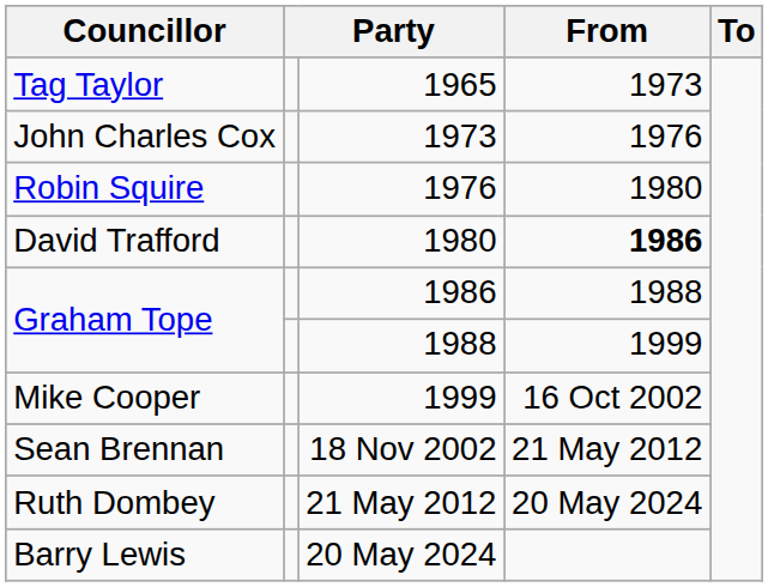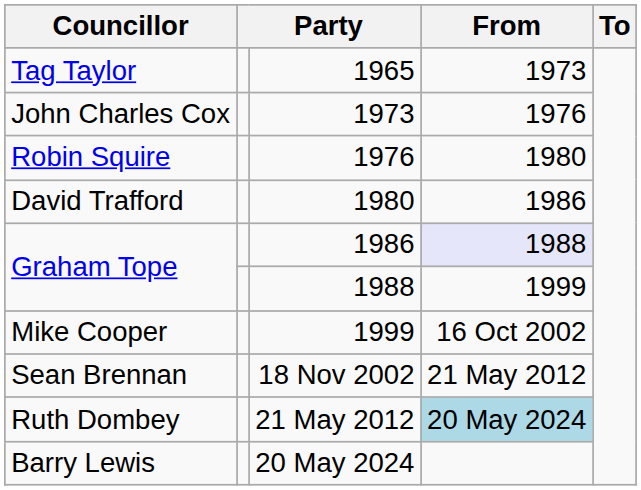 <table class=wikitable>
 <tr>
 <th>Councillor</th>
 <th colspan=2>Party</th>
 <th>From</th>
 <th>To</th>
 </tr>
 <tr>
 <td><a href='#'>Tag Taylor</a></td>
 <td></td>
 <td align=right>1965</td>
 <td align=right>1973</td>
 </tr>
 <tr>
 <td>John Charles Cox</td>
 <td></td>
 <td align=right>1973</td>
 <td align=right>1976</td>
 </tr>
 <tr>
 <td><a href='#'>Robin Squire</a></td>
 <td></td>
 <td align=right>1976</td>
 <td align=right>1980</td>
 </tr>
 <tr>
 <td>David Trafford</td>
 <td></td>
 <td align=right>1980</td>
-<td align=right><strong>1986</strong></td>
+<td align=right>1986</td>
 </tr>
 <tr>
 <td rowspan=2><a href='#'>Graham Tope</a></td>
 <td></td>
 <td align=right>1986</td>
-<td align=right>1988</td>
+<td align=right style="background: lavender;">1988</td>
 </tr>
 <tr>
 <td></td>
 <td align=right>1988</td>
 <td align=right>1999</td>
 </tr>
 <tr>
 <td>Mike Cooper</td>
 <td></td>
 <td align=right>1999</td>
 <td align=right>16 Oct 2002</td>
 </tr>
 <tr>
 <td>Sean Brennan</td>
 <td></td>
 <td align=right>18 Nov 2002</td>
 <td align=right>21 May 2012</td>
 </tr>
 <tr>
 <td>Ruth Dombey</td>
 <td></td>
 <td align=right>21 May 2012</td>
-<td align=right>20 May 2024</td>
+<td align=right style="background: lightblue;">20 May 2024</td>
 </tr>
 <tr>
 <td>Barry Lewis</td>
 <td></td>
 <td align=right>20 May 2024</td>
 <td align=right></td>
 </tr>
 </table>
